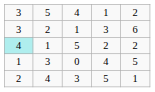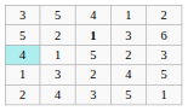 <table class="wikitable" border="1" align="center" style="margin: 1em auto 1em auto; text-align:center; width:225px">
 <tr>
 <td>3</td>
 <td>5</td>
 <td>4</td>
 <td>1</td>
 <td>2</td>
 </tr>
 <tr>
-<td>3</td>
+<td>5</td>
 <td>2</td>
-<td>1</td>
+<td><strong>1</strong></td>
 <td>3</td>
 <td>6</td>
 </tr>
 <tr>
 <td style="background: paleturquoise;">4</td>
 <td>1</td>
 <td>5</td>
 <td>2</td>
-<td>2</td>
+<td>3</td>
 </tr>
 <tr>
 <td>1</td>
 <td>3</td>
-<td>0</td>
+<td>2</td>
 <td>4</td>
 <td>5</td>
 </tr>
 <tr>
 <td>2</td>
 <td>4</td>
 <td>3</td>
 <td>5</td>
 <td>1</td>
 </tr>
 </table>
